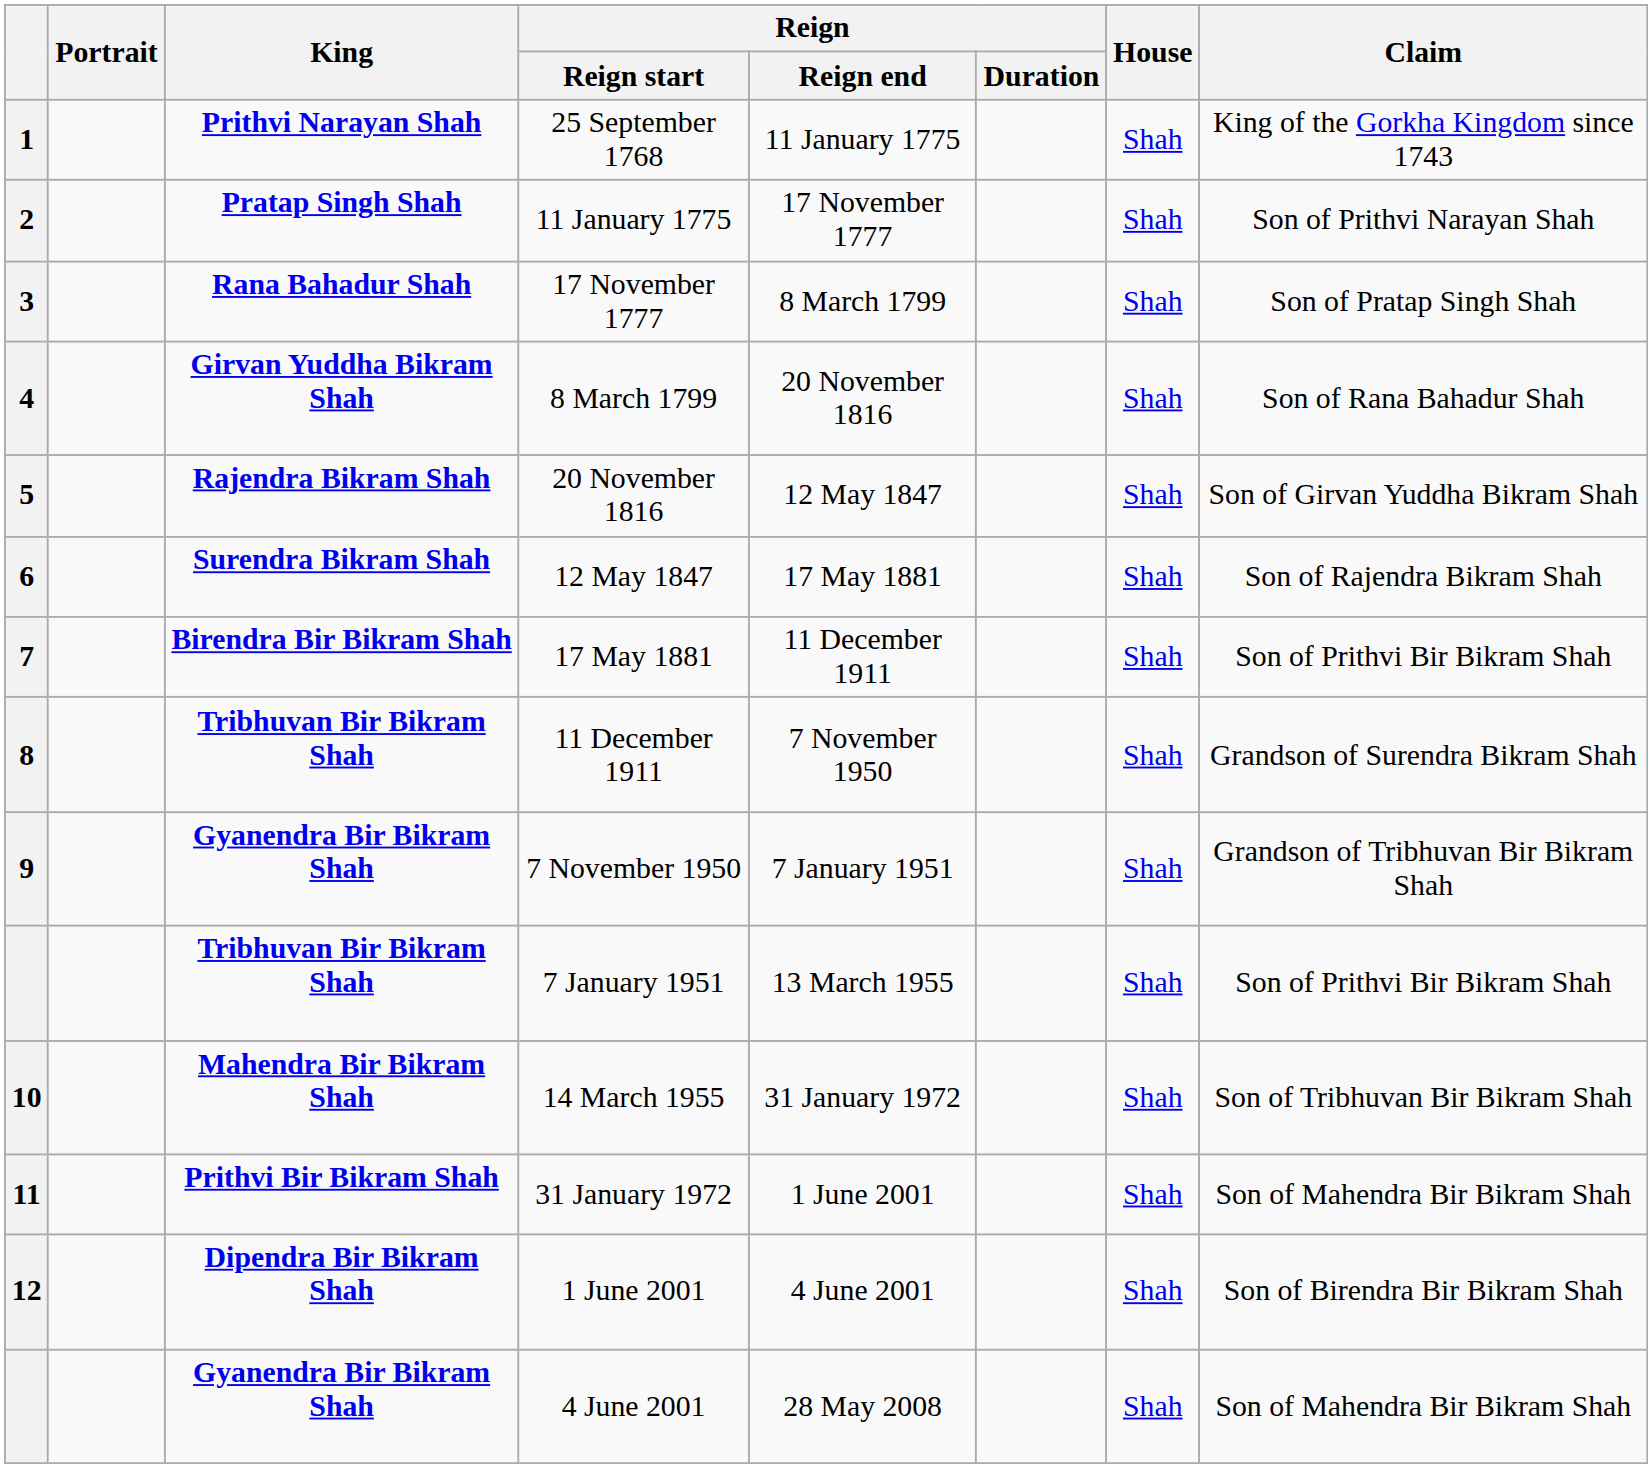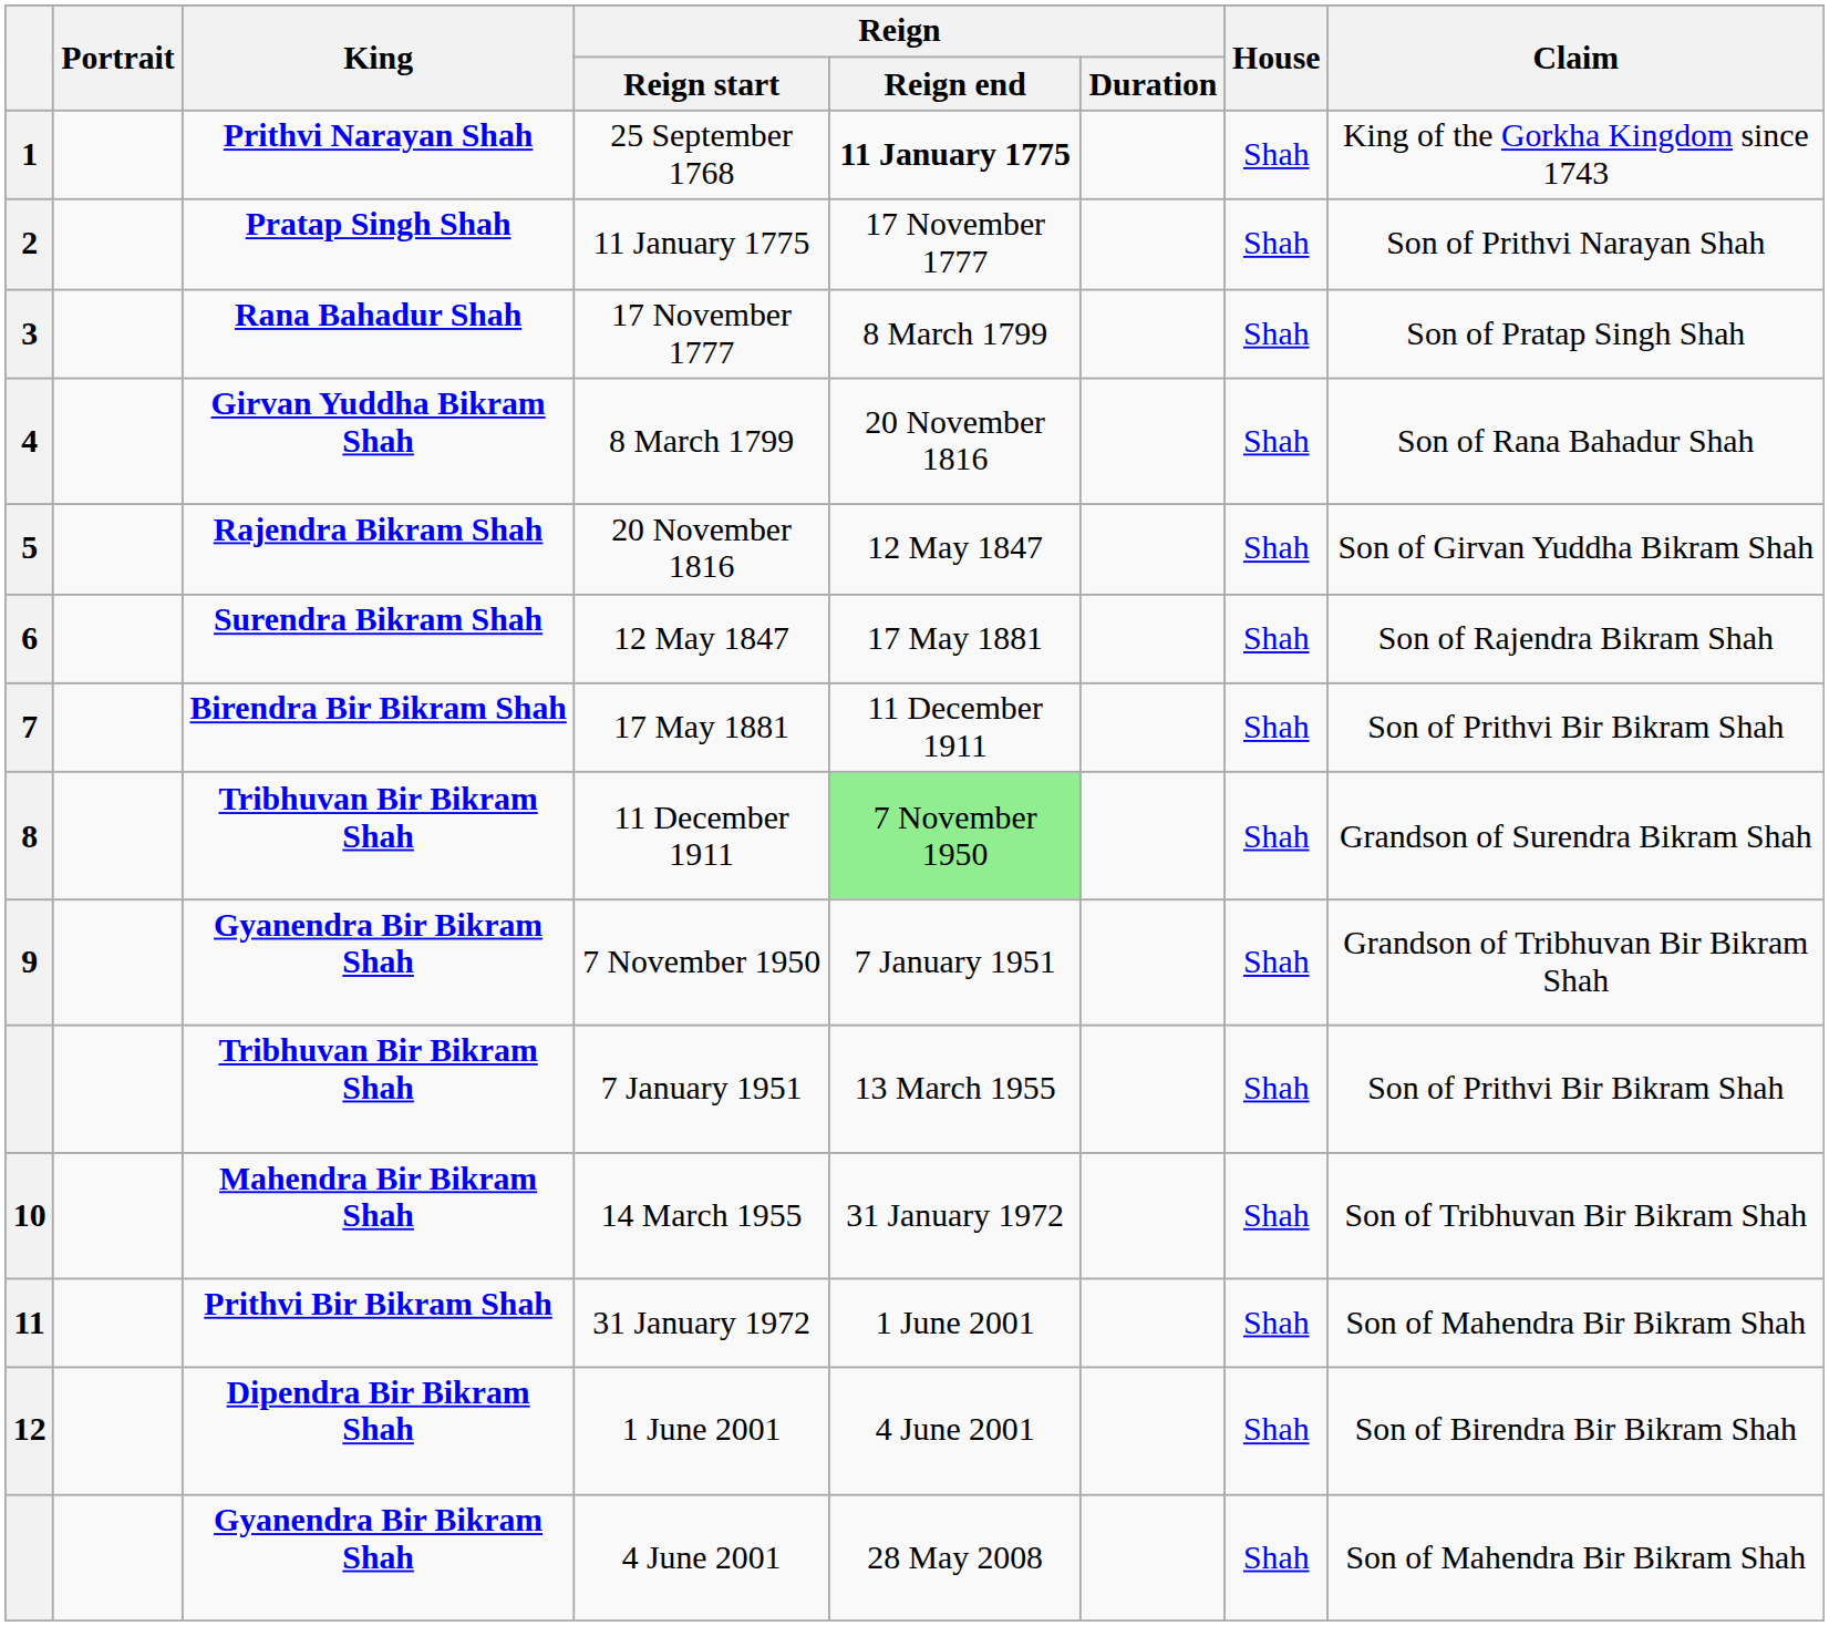 <table class="wikitable" style="text-align:center; border:1px #aaf solid; width:100%;">
 <tr>
 <th rowspan="2"></th>
 <th rowspan="2">Portrait</th>
 <th rowspan="2">King<br></th>
 <th colspan="3">Reign</th>
 <th rowspan="2">House</th>
 <th rowspan="2">Claim</th>
 </tr>
 <tr>
 <th>Reign start</th>
 <th>Reign end</th>
 <th>Duration</th>
 </tr>
 <tr>
 <th>1</th>
 <td></td>
 <td><strong><a href='#'>Prithvi Narayan Shah</a></strong><br><br></td>
 <td>25 September 1768</td>
-<td>11 January 1775</td>
+<td><strong>11 January 1775</strong></td>
 <td></td>
 <td><a href='#'>Shah</a></td>
 <td>King of the <a href='#'>Gorkha Kingdom</a> since 1743</td>
 </tr>
 <tr>
 <th>2</th>
 <td></td>
 <td><strong><a href='#'>Pratap Singh Shah</a></strong><br><br></td>
 <td>11 January 1775</td>
 <td>17 November 1777</td>
 <td></td>
 <td><a href='#'>Shah</a></td>
 <td>Son of Prithvi Narayan Shah</td>
 </tr>
 <tr>
 <th>3</th>
 <td></td>
 <td><strong><a href='#'>Rana Bahadur Shah</a></strong><br><br></td>
 <td>17 November 1777</td>
 <td>8 March 1799<br></td>
 <td></td>
 <td><a href='#'>Shah</a></td>
 <td>Son of Pratap Singh Shah</td>
 </tr>
 <tr>
 <th>4</th>
 <td></td>
 <td><strong><a href='#'>Girvan Yuddha Bikram Shah</a></strong><br><br></td>
 <td>8 March 1799</td>
 <td>20 November 1816</td>
 <td></td>
 <td><a href='#'>Shah</a></td>
 <td>Son of Rana Bahadur Shah</td>
 </tr>
 <tr>
 <th>5</th>
 <td></td>
 <td><strong><a href='#'>Rajendra Bikram Shah</a></strong><br><br></td>
 <td>20 November 1816</td>
 <td>12 May 1847<br></td>
 <td></td>
 <td><a href='#'>Shah</a></td>
 <td>Son of Girvan Yuddha Bikram Shah</td>
 </tr>
 <tr>
 <th>6</th>
 <td></td>
 <td><strong><a href='#'>Surendra Bikram Shah</a></strong><br><br></td>
 <td>12 May 1847</td>
 <td>17 May 1881</td>
 <td></td>
 <td><a href='#'>Shah</a></td>
 <td>Son of Rajendra Bikram Shah</td>
 </tr>
 <tr>
 <th>7</th>
 <td></td>
 <td><strong><a href='#'>Birendra Bir Bikram Shah</a></strong><br><br></td>
 <td>17 May 1881</td>
 <td>11 December 1911</td>
 <td></td>
 <td><a href='#'>Shah</a></td>
 <td>Son of Prithvi Bir Bikram Shah</td>
 </tr>
 <tr>
 <th>8</th>
 <td></td>
 <td><strong><a href='#'>Tribhuvan Bir Bikram Shah</a></strong><br><br></td>
 <td>11 December 1911</td>
-<td>7 November 1950<br></td>
+<td style="background: lightgreen;">7 November 1950<br></td>
 <td></td>
 <td><a href='#'>Shah</a></td>
 <td>Grandson of Surendra Bikram Shah</td>
 </tr>
 <tr>
 <th>9</th>
 <td></td>
 <td><strong><a href='#'>Gyanendra Bir Bikram Shah</a></strong><br><br></td>
 <td>7 November 1950</td>
 <td>7 January 1951<br></td>
 <td></td>
 <td><a href='#'>Shah</a></td>
 <td>Grandson of Tribhuvan Bir Bikram Shah</td>
 </tr>
 <tr>
 <th></th>
 <td></td>
 <td><strong><a href='#'>Tribhuvan Bir Bikram Shah</a></strong><br><br></td>
 <td>7 January 1951</td>
 <td>13 March 1955</td>
 <td></td>
 <td><a href='#'>Shah</a></td>
 <td>Son of Prithvi Bir Bikram Shah</td>
 </tr>
 <tr>
 <th>10</th>
 <td></td>
 <td><strong><a href='#'>Mahendra Bir Bikram Shah</a></strong><br><br></td>
 <td>14 March 1955</td>
 <td>31 January 1972</td>
 <td></td>
 <td><a href='#'>Shah</a></td>
 <td>Son of Tribhuvan Bir Bikram Shah</td>
 </tr>
 <tr>
 <th>11</th>
 <td></td>
 <td><strong><a href='#'>Prithvi Bir Bikram Shah</a></strong><br><br></td>
 <td>31 January 1972</td>
 <td>1 June 2001<br></td>
 <td></td>
 <td><a href='#'>Shah</a></td>
 <td>Son of Mahendra Bir Bikram Shah</td>
 </tr>
 <tr>
 <th>12</th>
 <td></td>
 <td><strong><a href='#'>Dipendra Bir Bikram Shah</a></strong><br><br></td>
 <td>1 June 2001</td>
 <td>4 June 2001<br></td>
 <td></td>
 <td><a href='#'>Shah</a></td>
 <td>Son of Birendra Bir Bikram Shah</td>
 </tr>
 <tr>
 <th></th>
 <td></td>
 <td><strong><a href='#'>Gyanendra Bir Bikram Shah</a></strong><br><br></td>
 <td>4 June 2001</td>
 <td>28 May 2008<br></td>
 <td></td>
 <td><a href='#'>Shah</a></td>
 <td>Son of Mahendra Bir Bikram Shah</td>
 </tr>
 </table>
